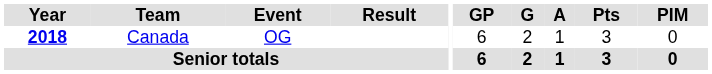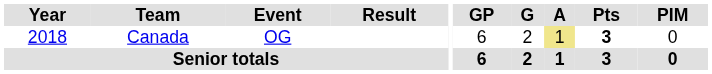 <table border="0" cellpadding="1" cellspacing="0" ID="Table3" style="text-align:center; width:40em">
 <tr ALIGN="center" bgcolor="#e0e0e0">
 <th>Year</th>
 <th>Team</th>
 <th>Event</th>
 <th>Result</th>
 <th rowspan="99" bgcolor="#ffffff"></th>
 <th>GP</th>
 <th>G</th>
 <th>A</th>
 <th>Pts</th>
 <th>PIM</th>
 </tr>
 <tr>
-<td><strong><a href='#'>2018</a></strong></td>
+<td><a href='#'>2018</a></td>
 <td><a href='#'>Canada</a></td>
 <td><a href='#'>OG</a></td>
 <td></td>
 <td>6</td>
 <td>2</td>
-<td>1</td>
-<td>3</td>
+<td style="background: khaki;">1</td>
+<td><strong>3</strong></td>
 <td>0</td>
 </tr>
 <tr bgcolor="#e0e0e0">
 <th colspan="4">Senior totals</th>
 <th>6</th>
 <th>2</th>
 <th>1</th>
 <th>3</th>
 <th>0</th>
 </tr>
 </table>
